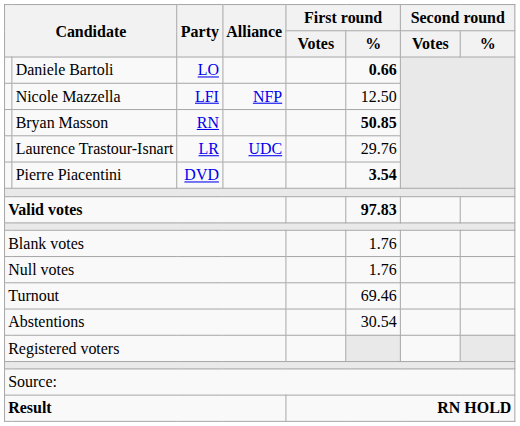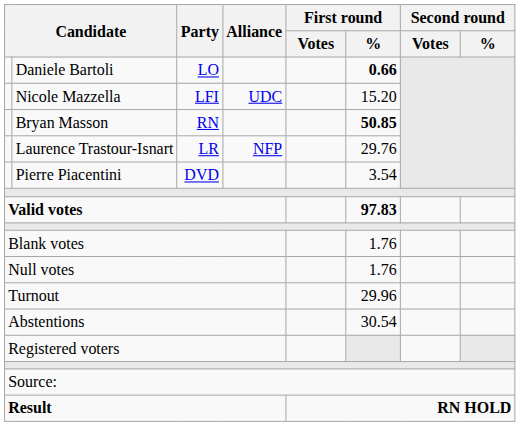 <table class="wikitable" style="text-align:right;font-size:95%;">
 <tr>
 <th colspan="2" rowspan="2">Candidate</th>
 <th colspan="1" rowspan="2">Party</th>
 <th colspan="1" rowspan="2">Alliance</th>
 <th colspan="2">First round</th>
 <th colspan="2">Second round</th>
 </tr>
 <tr>
 <th style="width:50px;">Votes</th>
 <th style="width:45px;">%</th>
 <th style="width:50px;">Votes</th>
 <th style="width:45px;">%</th>
 </tr>
 <tr>
 <td style="color:inherit;background:"></td>
 <td style="text-align:left;">Daniele Bartoli</td>
 <td><a href='#'>LO</a></td>
 <td></td>
 <td></td>
 <td><strong>0.66</strong></td>
 <td colspan="2" rowspan="5" style="background:#E9E9E9;"></td>
 </tr>
 <tr>
 <td style="color:inherit;background:"></td>
 <td style="text-align:left;">Nicole Mazzella</td>
 <td><a href='#'>LFI</a></td>
-<td><a href='#'>NFP</a></td>
+<td><a href='#'>UDC</a></td>
 <td></td>
-<td>12.50</td>
+<td>15.20</td>
 </tr>
 <tr>
 <td style="color:inherit;background:"></td>
 <td style="text-align:left;">Bryan Masson</td>
 <td><a href='#'>RN</a></td>
 <td></td>
 <td><strong></strong></td>
 <td><strong>50.85</strong></td>
 </tr>
 <tr>
 <td style="color:inherit;background:"></td>
 <td style="text-align:left;">Laurence Trastour-Isnart</td>
 <td><a href='#'>LR</a></td>
-<td><a href='#'>UDC</a></td>
+<td><a href='#'>NFP</a></td>
 <td></td>
 <td>29.76</td>
 </tr>
 <tr>
 <td style="color:inherit;background:"></td>
 <td style="text-align:left;">Pierre Piacentini</td>
 <td><a href='#'>DVD</a></td>
 <td></td>
 <td></td>
-<td><strong>3.54</strong></td>
+<td>3.54</td>
 </tr>
 <tr>
 <td colspan="8" style="background:#E9E9E9;"></td>
 </tr>
 <tr style="font-weight:bold;">
 <td colspan="4" style="text-align:left;">Valid votes</td>
 <td></td>
 <td>97.83</td>
 <td></td>
 <td></td>
 </tr>
 <tr>
 <td colspan="8" style="background:#E9E9E9;"></td>
 </tr>
 <tr>
 <td colspan="4" style="text-align:left;">Blank votes</td>
 <td></td>
 <td>1.76</td>
 <td></td>
 <td></td>
 </tr>
 <tr>
 <td colspan="4" style="text-align:left;">Null votes</td>
 <td></td>
 <td>1.76</td>
 <td></td>
 <td></td>
 </tr>
 <tr>
 <td colspan="4" style="text-align:left;">Turnout</td>
 <td></td>
-<td>69.46</td>
+<td>29.96</td>
 <td></td>
 <td></td>
 </tr>
 <tr>
 <td colspan="4" style="text-align:left;">Abstentions</td>
 <td></td>
 <td>30.54</td>
 <td></td>
 <td></td>
 </tr>
 <tr>
 <td colspan="4" style="text-align:left;">Registered voters</td>
 <td></td>
 <td style="background:#E9E9E9;"></td>
 <td></td>
 <td style="background:#E9E9E9;"></td>
 </tr>
 <tr>
 <td colspan="8" style="background:#E9E9E9;"></td>
 </tr>
 <tr>
 <td colspan="8" style="text-align:left;">Source: </td>
 </tr>
 <tr style="font-weight:bold">
 <td colspan="4" style="text-align:left;">Result</td>
 <td colspan="4" style="background-color:">RN HOLD</td>
 </tr>
 </table>
